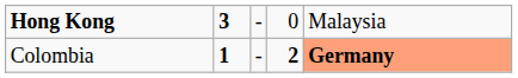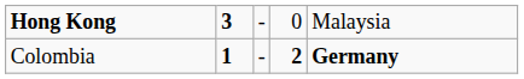 <table class="wikitable">
 <tr>
 <td width=150> <strong>Hong Kong</strong></td>
 <td style="width:20px; text-align:left;"><strong>3</strong></td>
 <td>-</td>
 <td style="width:20px; text-align:right;">0</td>
 <td width=150> Malaysia</td>
 </tr>
 <tr>
 <td> Colombia</td>
 <td style="text-align:left;"><strong>1</strong></td>
 <td>-</td>
 <td style="text-align:right;"><strong>2</strong></td>
-<td style="background: lightsalmon;"> <strong>Germany</strong></td>
+<td> <strong>Germany</strong></td>
 </tr>
 </table>
